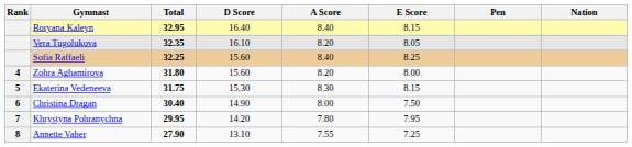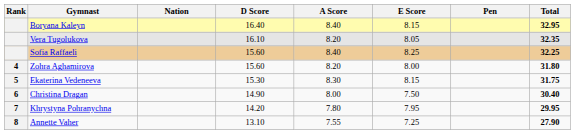 <table class="wikitable sortable" style="text-align:center; font-size:85%">
 <tr>
 <th scope="col" style="width:20px;">Rank</th>
 <th ! scope="col" style="width:170px;">Gymnast</th>
-<th scope="col" style="width:60px;" !>Total</th>
+<th ! scope="col" style="width:120px;">Nation</th>
 <th ! scope="col" style="width:120px;">D Score</th>
 <th ! scope="col" style="width:120px;">A Score</th>
 <th ! scope="col" style="width:120px;">E Score</th>
 <th ! scope="col" style="width:120px;">Pen</th>
-<th ! scope="col" style="width:120px;">Nation</th>
+<th scope="col" style="width:60px;" !>Total</th>
 </tr>
 <tr bgcolor=fffcaf>
 <th scope=row></th>
 <td align=left><a href='#'>Boryana Kaleyn</a></td>
-<td><strong>32.95</strong></td>
+<td style="text-align:left;"></td>
 <td>16.40</td>
 <td>8.40</td>
 <td>8.15</td>
 <td></td>
-<td style="text-align:left;"></td>
+<td><strong>32.95</strong></td>
 </tr>
 <tr bgcolor=e5e5e5>
 <th scope=row></th>
 <td align=left><a href='#'>Vera Tugolukova</a></td>
-<td><strong>32.35</strong></td>
+<td style="text-align:left;"></td>
 <td>16.10</td>
 <td>8.20</td>
 <td>8.05</td>
 <td></td>
-<td style="text-align:left;"></td>
+<td><strong>32.35</strong></td>
 </tr>
 <tr bgcolor=eecc99>
 <th scope=row></th>
 <td align=left><a href='#'>Sofia Raffaeli</a></td>
-<td><strong>32.25</strong></td>
+<td style="text-align:left;"></td>
 <td>15.60</td>
 <td>8.40</td>
 <td>8.25</td>
 <td></td>
-<td style="text-align:left;"></td>
+<td><strong>32.25</strong></td>
 </tr>
 <tr>
 <th scope=row>4</th>
 <td align=left><a href='#'>Zohra Aghamirova</a></td>
-<td><strong>31.80</strong></td>
+<td style="text-align:left;"></td>
 <td>15.60</td>
 <td>8.20</td>
 <td>8.00</td>
 <td></td>
-<td style="text-align:left;"></td>
+<td><strong>31.80</strong></td>
 </tr>
 <tr>
 <th scope=row>5</th>
 <td align=left><a href='#'>Ekaterina Vedeneeva</a></td>
-<td><strong>31.75</strong></td>
+<td style="text-align:left;"></td>
 <td>15.30</td>
 <td>8.30</td>
 <td>8.15</td>
 <td></td>
-<td style="text-align:left;"></td>
+<td><strong>31.75</strong></td>
 </tr>
 <tr>
 <th scope=row>6</th>
 <td align=left><a href='#'>Christina Dragan</a></td>
-<td><strong>30.40</strong></td>
+<td style="text-align:left;"></td>
 <td>14.90</td>
 <td>8.00</td>
 <td>7.50</td>
 <td></td>
-<td style="text-align:left;"></td>
+<td><strong>30.40</strong></td>
 </tr>
 <tr>
 <th scope=row>7</th>
 <td align=left><a href='#'>Khrystyna Pohranychna</a></td>
-<td><strong>29.95</strong></td>
+<td style="text-align:left;"></td>
 <td>14.20</td>
 <td>7.80</td>
 <td>7.95</td>
 <td></td>
-<td style="text-align:left;"></td>
+<td><strong>29.95</strong></td>
 </tr>
 <tr>
 <th scope=row>8</th>
 <td align=left><a href='#'>Annette Vaher</a></td>
-<td><strong>27.90</strong></td>
+<td style="text-align:left;"></td>
 <td>13.10</td>
 <td>7.55</td>
 <td>7.25</td>
 <td></td>
-<td style="text-align:left;"></td>
+<td><strong>27.90</strong></td>
 </tr>
 </table>
